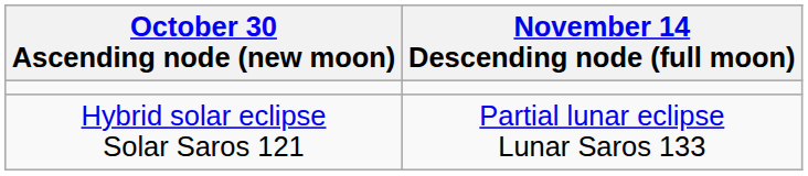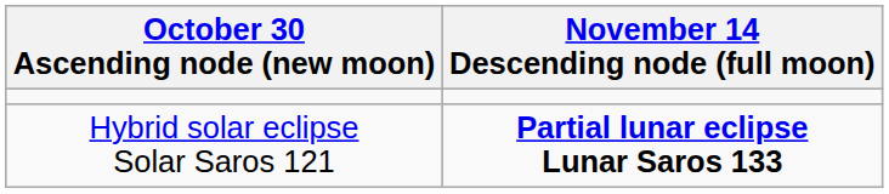 <table class="wikitable">
 <tr>
 <th><a href='#'>October 30</a><br>Ascending node (new moon)<br></th>
 <th><a href='#'>November 14</a><br>Descending node (full moon)<br></th>
 </tr>
 <tr>
 <td></td>
 <td></td>
 </tr>
 <tr align=center>
 <td><a href='#'>Hybrid solar eclipse</a><br>Solar Saros 121</td>
-<td><a href='#'>Partial lunar eclipse</a><br>Lunar Saros 133</td>
+<td><strong><a href='#'>Partial lunar eclipse</a><br>Lunar Saros 133</strong></td>
 </tr>
 </table>
